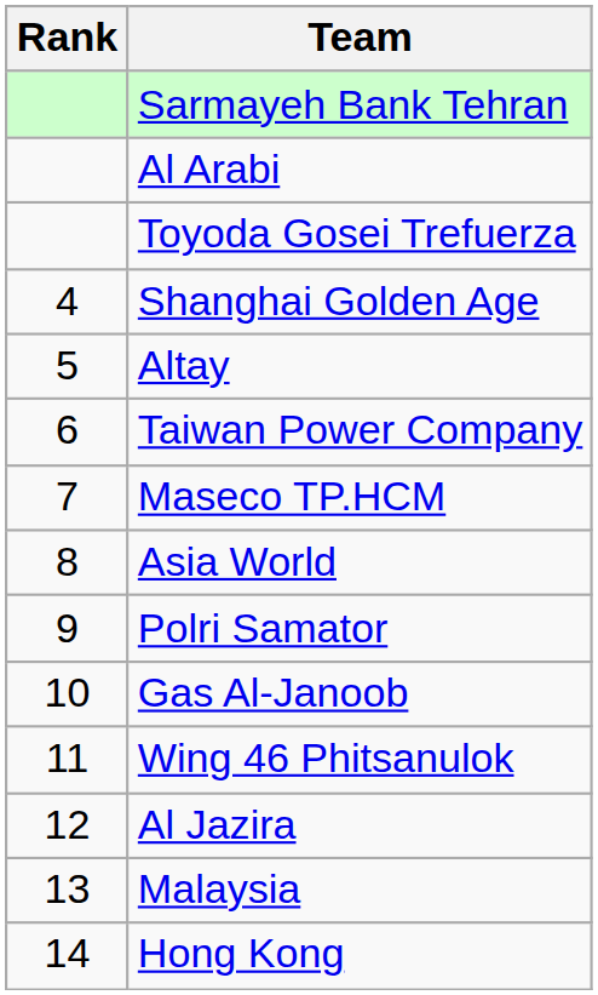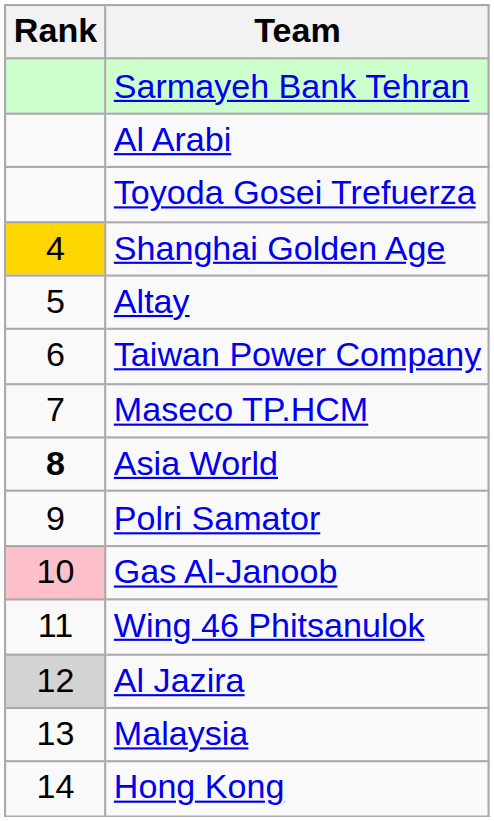 <table class="wikitable" style="text-align:center;">
 <tr>
 <th width=40>Rank</th>
 <th>Team</th>
 </tr>
 <tr bgcolor=#ccffcc>
 <td></td>
 <td style="text-align:left;"> <a href='#'>Sarmayeh Bank Tehran</a></td>
 </tr>
 <tr>
 <td></td>
 <td style="text-align:left;"> <a href='#'>Al Arabi</a></td>
 </tr>
 <tr>
 <td></td>
 <td style="text-align:left;"> <a href='#'>Toyoda Gosei Trefuerza</a></td>
 </tr>
 <tr>
-<td>4</td>
+<td style="background: gold;">4</td>
 <td style="text-align:left;"> <a href='#'>Shanghai Golden Age</a></td>
 </tr>
 <tr>
 <td>5</td>
 <td style="text-align:left;"> <a href='#'>Altay</a></td>
 </tr>
 <tr>
 <td>6</td>
 <td style="text-align:left;"> <a href='#'>Taiwan Power Company</a></td>
 </tr>
 <tr>
 <td>7</td>
 <td style="text-align:left;"> <a href='#'>Maseco TP.HCM</a></td>
 </tr>
 <tr>
-<td>8</td>
+<td><strong>8</strong></td>
 <td style="text-align:left;"> <a href='#'>Asia World</a></td>
 </tr>
 <tr>
 <td>9</td>
 <td style="text-align:left;"> <a href='#'>Polri Samator</a></td>
 </tr>
 <tr>
-<td>10</td>
+<td style="background: pink;">10</td>
 <td style="text-align:left;"> <a href='#'>Gas Al-Janoob</a></td>
 </tr>
 <tr>
 <td>11</td>
 <td style="text-align:left;"> <a href='#'>Wing 46 Phitsanulok</a></td>
 </tr>
 <tr>
-<td>12</td>
+<td style="background: lightgrey;">12</td>
 <td style="text-align:left;"> <a href='#'>Al Jazira</a></td>
 </tr>
 <tr>
 <td>13</td>
 <td style="text-align:left;"> <a href='#'>Malaysia</a></td>
 </tr>
 <tr>
 <td>14</td>
 <td style="text-align:left;"> <a href='#'>Hong Kong</a></td>
 </tr>
 </table>
